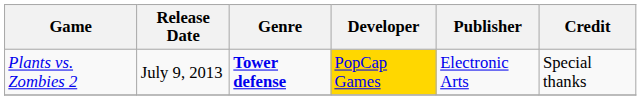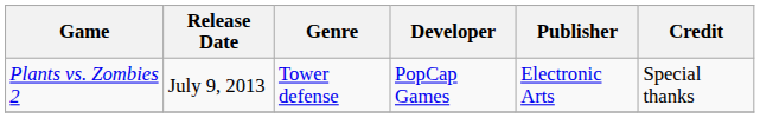 <table class="wikitable sortable" width="auto">
 <tr>
 <th scope="col">Game</th>
 <th scope="col">Release Date</th>
 <th scope="col">Genre</th>
 <th scope="col">Developer</th>
 <th scope="col">Publisher</th>
 <th scope="col">Credit</th>
 </tr>
 <tr>
 <td><em><a href='#'>Plants vs. Zombies 2</a></em></td>
 <td>July 9, 2013</td>
-<td><strong><a href='#'>Tower defense</a></strong></td>
-<td style="background: gold;"><a href='#'>PopCap Games</a></td>
+<td><a href='#'>Tower defense</a></td>
+<td><a href='#'>PopCap Games</a></td>
 <td><a href='#'>Electronic Arts</a></td>
 <td>Special thanks</td>
 </tr>
 <tr>
 </tr>
 </table>
